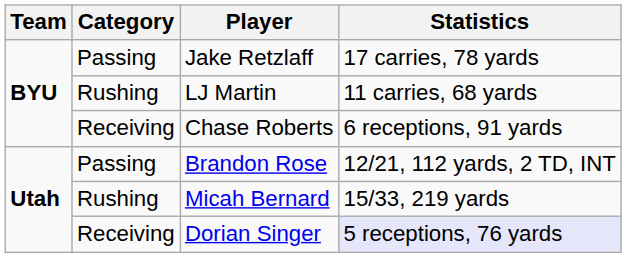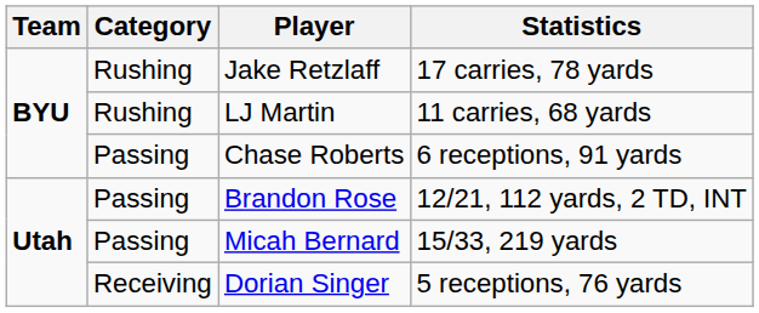 <table class="wikitable" style="float: right;">
 <tr>
 <th>Team</th>
 <th>Category</th>
 <th>Player</th>
 <th>Statistics</th>
 </tr>
 <tr>
 <td rowspan=3><strong>BYU</strong></td>
-<td>Passing</td>
+<td>Rushing</td>
 <td>Jake Retzlaff</td>
 <td>17 carries, 78 yards</td>
 </tr>
 <tr>
 <td>Rushing</td>
 <td>LJ Martin</td>
 <td>11 carries, 68 yards</td>
 </tr>
 <tr>
-<td>Receiving</td>
+<td>Passing</td>
 <td>Chase Roberts</td>
 <td>6 receptions, 91 yards</td>
 </tr>
 <tr>
 <td rowspan=3><strong>Utah</strong></td>
 <td>Passing</td>
 <td><a href='#'>Brandon Rose</a></td>
 <td>12/21, 112 yards, 2 TD, INT</td>
 </tr>
 <tr>
-<td>Rushing</td>
+<td>Passing</td>
 <td><a href='#'>Micah Bernard</a></td>
 <td>15/33, 219 yards</td>
 </tr>
 <tr>
 <td>Receiving</td>
 <td><a href='#'>Dorian Singer</a></td>
-<td style="background: lavender;">5 receptions, 76 yards</td>
+<td>5 receptions, 76 yards</td>
 </tr>
 </table>
